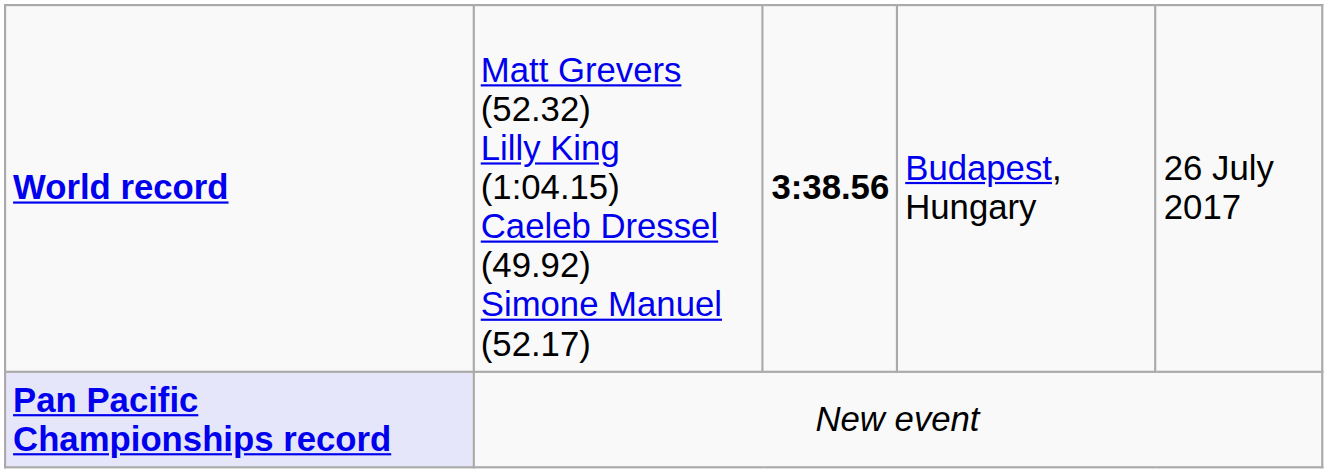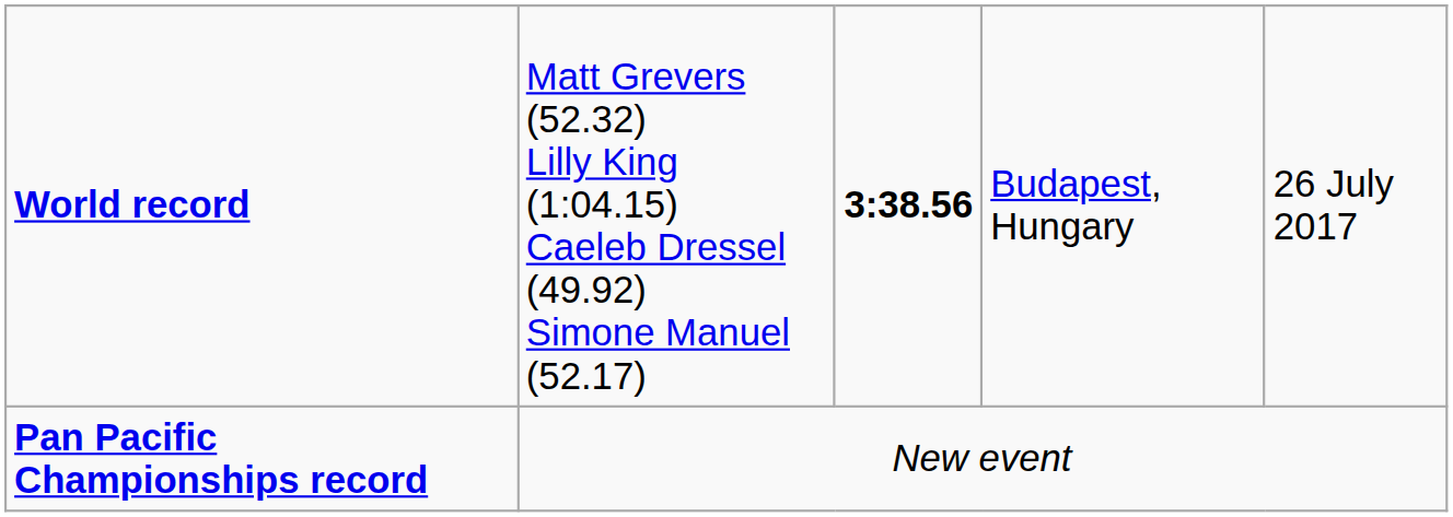 <table class="wikitable">
 <tr>
 <td><strong><a href='#'>World record</a></strong></td>
 <td><br><a href='#'>Matt Grevers</a> (52.32)<br><a href='#'>Lilly King</a> (1:04.15)<br><a href='#'>Caeleb Dressel</a> (49.92)<br><a href='#'>Simone Manuel</a> (52.17)</td>
 <td><strong>3:38.56</strong></td>
 <td><a href='#'>Budapest</a>, Hungary</td>
 <td>26 July 2017</td>
 </tr>
 <tr>
-<td style="background: lavender;"><strong><a href='#'>Pan Pacific Championships record</a></strong></td>
+<td><strong><a href='#'>Pan Pacific Championships record</a></strong></td>
 <td colspan="4" align="center"><em>New event</em></td>
 </tr>
 </table>
